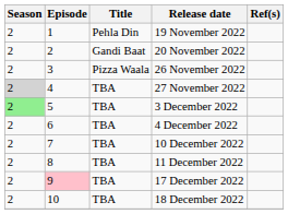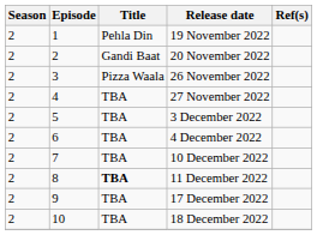 <table class="wikitable">
 <tr>
 <th>Season</th>
 <th>Episode</th>
 <th>Title</th>
 <th>Release date</th>
 <th>Ref(s)</th>
 </tr>
 <tr>
 <td>2</td>
 <td>1</td>
 <td>Pehla Din</td>
 <td>19 November 2022</td>
 <td></td>
 </tr>
 <tr>
 <td>2</td>
 <td>2</td>
 <td>Gandi Baat</td>
 <td>20 November 2022</td>
 <td></td>
 </tr>
 <tr>
 <td>2</td>
 <td>3</td>
 <td>Pizza Waala</td>
 <td>26 November 2022</td>
 <td></td>
 </tr>
 <tr>
-<td style="background: lightgrey;">2</td>
+<td>2</td>
 <td>4</td>
 <td>TBA</td>
 <td>27 November 2022</td>
 <td></td>
 </tr>
 <tr>
-<td style="background: lightgreen;">2</td>
+<td>2</td>
 <td>5</td>
 <td>TBA</td>
 <td>3 December 2022</td>
 <td></td>
 </tr>
 <tr>
 <td>2</td>
 <td>6</td>
 <td>TBA</td>
 <td>4 December 2022</td>
 <td></td>
 </tr>
 <tr>
 <td>2</td>
 <td>7</td>
 <td>TBA</td>
 <td>10 December 2022</td>
 <td></td>
 </tr>
 <tr>
 <td>2</td>
 <td>8</td>
-<td>TBA</td>
+<td><strong>TBA</strong></td>
 <td>11 December 2022</td>
 <td></td>
 </tr>
 <tr>
 <td>2</td>
-<td style="background: pink;">9</td>
+<td>9</td>
 <td>TBA</td>
 <td>17 December 2022</td>
 <td></td>
 </tr>
 <tr>
 <td>2</td>
 <td>10</td>
 <td>TBA</td>
 <td>18 December 2022</td>
 <td></td>
 </tr>
 <tr>
 </tr>
 </table>
